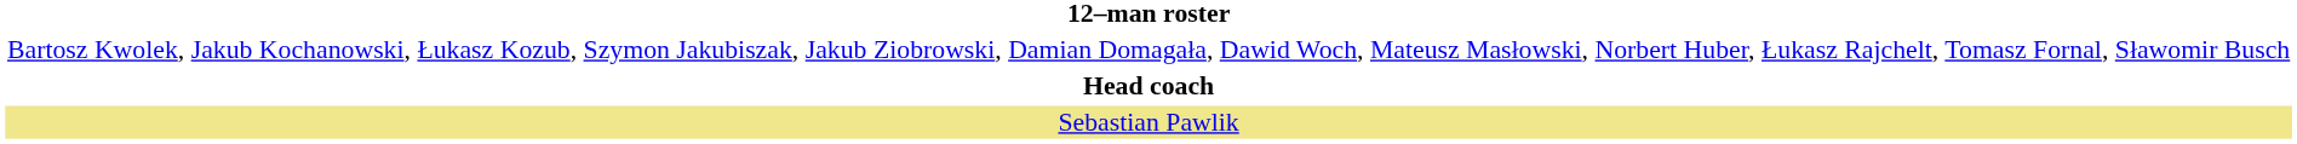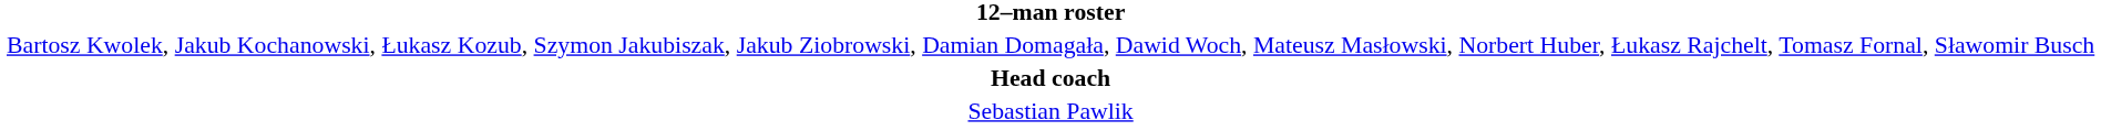 <table style="text-align: center; margin-top: 2em; margin-left: auto; margin-right: auto">
 <tr>
 <td><strong>12–man roster</strong></td>
 </tr>
 <tr>
 <td><a href='#'>Bartosz Kwolek</a>, <a href='#'>Jakub Kochanowski</a>, <a href='#'>Łukasz Kozub</a>, <a href='#'>Szymon Jakubiszak</a>, <a href='#'>Jakub Ziobrowski</a>, <a href='#'>Damian Domagała</a>, <a href='#'>Dawid Woch</a>, <a href='#'>Mateusz Masłowski</a>, <a href='#'>Norbert Huber</a>, <a href='#'>Łukasz Rajchelt</a>, <a href='#'>Tomasz Fornal</a>, <a href='#'>Sławomir Busch</a></td>
 </tr>
 <tr>
 <td><strong>Head coach</strong></td>
 </tr>
 <tr>
-<td style="background: khaki;"><a href='#'>Sebastian Pawlik</a></td>
+<td><a href='#'>Sebastian Pawlik</a></td>
 </tr>
 </table>
